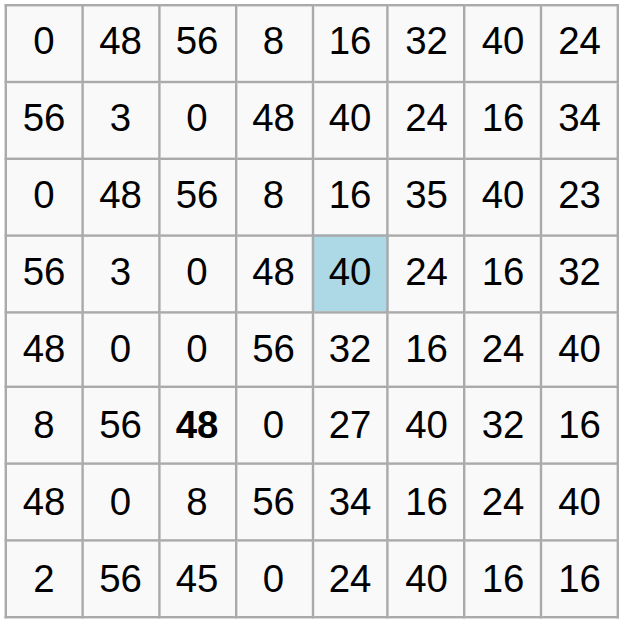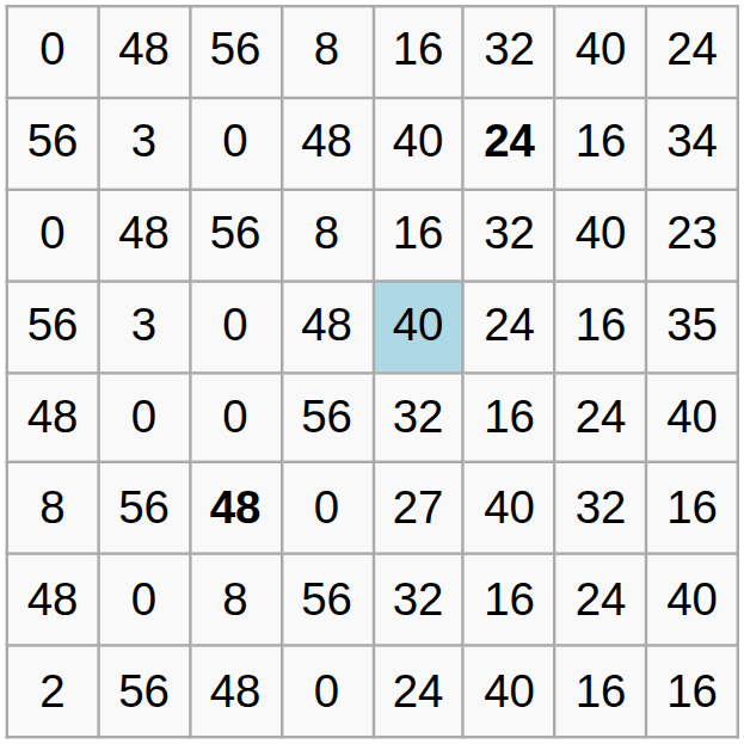 <table class="wikitable" style="margin-left:auto;margin-right:auto;text-align:center;width:16em;height:16em;table-layout:fixed;">
 <tr>
 <td>0</td>
 <td>48</td>
 <td>56</td>
 <td>8</td>
 <td>16</td>
 <td>32</td>
 <td>40</td>
 <td>24</td>
 </tr>
 <tr>
 <td>56</td>
 <td>3</td>
 <td>0</td>
 <td>48</td>
 <td>40</td>
-<td>24</td>
+<td><strong>24</strong></td>
 <td>16</td>
 <td>34</td>
 </tr>
 <tr>
 <td>0</td>
 <td>48</td>
 <td>56</td>
 <td>8</td>
 <td>16</td>
-<td>35</td>
+<td>32</td>
 <td>40</td>
 <td>23</td>
 </tr>
 <tr>
 <td>56</td>
 <td>3</td>
 <td>0</td>
 <td>48</td>
 <td style="background: lightblue;">40</td>
 <td>24</td>
 <td>16</td>
-<td>32</td>
+<td>35</td>
 </tr>
 <tr>
 <td>48</td>
 <td>0</td>
 <td>0</td>
 <td>56</td>
 <td>32</td>
 <td>16</td>
 <td>24</td>
 <td>40</td>
 </tr>
 <tr>
 <td>8</td>
 <td>56</td>
 <td><strong>48</strong></td>
 <td>0</td>
 <td>27</td>
 <td>40</td>
 <td>32</td>
 <td>16</td>
 </tr>
 <tr>
 <td>48</td>
 <td>0</td>
 <td>8</td>
 <td>56</td>
-<td>34</td>
+<td>32</td>
 <td>16</td>
 <td>24</td>
 <td>40</td>
 </tr>
 <tr>
 <td>2</td>
 <td>56</td>
-<td>45</td>
+<td>48</td>
 <td>0</td>
 <td>24</td>
 <td>40</td>
 <td>16</td>
 <td>16</td>
 </tr>
 </table>
